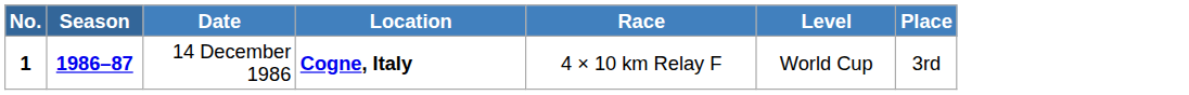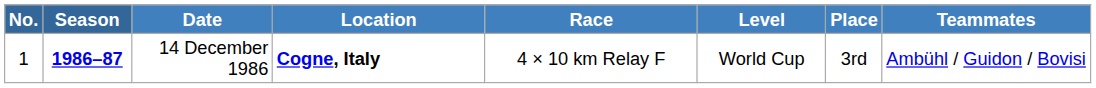 <table class="wikitable sortable" style="font-size:95%; text-align:center; border:grey solid 1px; border-collapse:collapse; background:#ffffff;">
 <tr style="background:#efefef;">
 <th style="background-color:#369; color:white;">No.</th>
 <th style="background-color:#369; color:white;">Season</th>
 <th style="background-color:#4180be; color:white; width:110px;">Date</th>
 <th style="background-color:#4180be; color:white; width:170px;">Location</th>
 <th style="background-color:#4180be; color:white; width:170px;">Race</th>
 <th style="background-color:#4180be; color:white; width:100px;">Level</th>
 <th style="background-color:#4180be; color:white;">Place</th>
+<th style="background-color:#4180be; color:white;">Teammates</th>
 </tr>
 <tr>
-<td align=center><strong>1</strong></td>
+<td align=center>1</td>
 <td rowspan=1 align=center><strong> <a href='#'>1986–87</a> </strong></td>
 <td align=right>14 December 1986</td>
 <td align=left><strong> <a href='#'>Cogne</a>, Italy</strong></td>
 <td>4 × 10 km Relay F</td>
 <td>World Cup</td>
 <td>3rd</td>
+<td><a href='#'>Ambühl</a> / <a href='#'>Guidon</a> / <a href='#'>Bovisi</a></td>
 </tr>
 </table>
